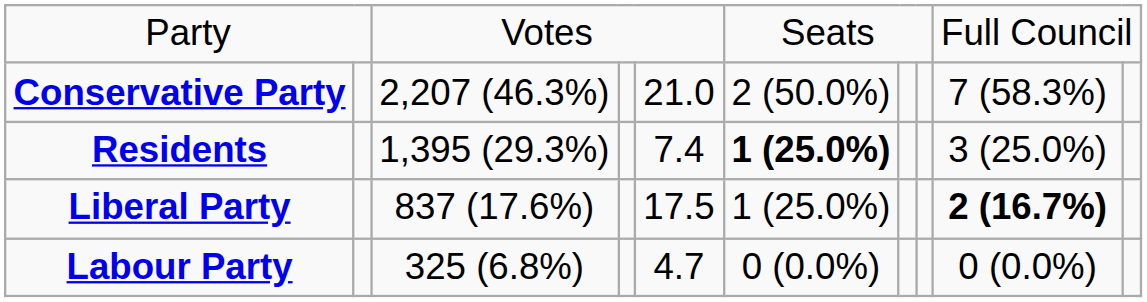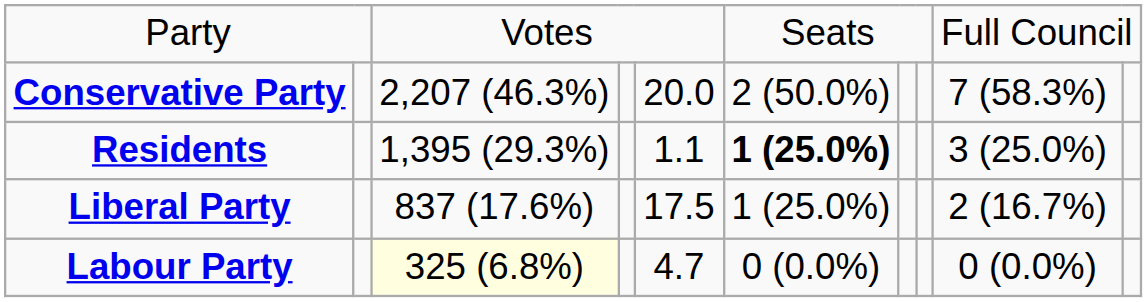 <table class=wikitable style="text-align:center;">
 <tr>
 <td colspan=2>Party</td>
 <td colspan=3>Votes</td>
 <td colspan=3>Seats</td>
 <td colspan=3>Full Council</td>
 </tr>
 <tr>
 <td><strong><a href='#'>Conservative Party</a></strong></td>
 <td style="background:"></td>
 <td>2,207 (46.3%)</td>
 <td></td>
-<td> 21.0</td>
+<td> 20.0</td>
 <td>2 (50.0%)</td>
 <td></td>
 <td></td>
 <td>7 (58.3%)</td>
 <td></td>
 </tr>
 <tr>
 <td><strong><a href='#'>Residents</a></strong></td>
 <td style="background:"></td>
 <td>1,395 (29.3%)</td>
 <td></td>
-<td> 7.4</td>
+<td> 1.1</td>
 <td><strong>1 (25.0%)</strong></td>
 <td></td>
 <td></td>
 <td>3 (25.0%)</td>
 <td></td>
 </tr>
 <tr>
 <td><strong><a href='#'>Liberal Party</a></strong></td>
 <td style="background:"></td>
 <td>837 (17.6%)</td>
 <td></td>
 <td> 17.5</td>
 <td>1 (25.0%)</td>
 <td></td>
 <td></td>
-<td><strong>2 (16.7%)</strong></td>
+<td>2 (16.7%)</td>
 <td></td>
 </tr>
 <tr>
 <td><strong><a href='#'>Labour Party</a></strong></td>
 <td style="background:"></td>
-<td>325 (6.8%)</td>
+<td style="background: lightyellow;">325 (6.8%)</td>
 <td></td>
 <td> 4.7</td>
 <td>0 (0.0%)</td>
 <td></td>
 <td></td>
 <td>0 (0.0%)</td>
 <td></td>
 </tr>
 </table>
